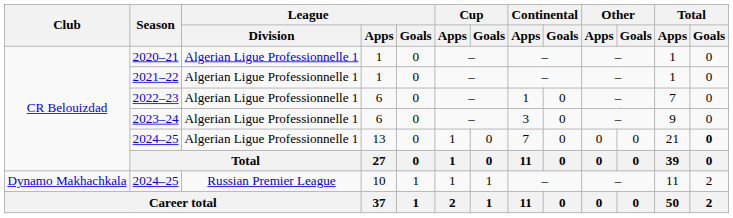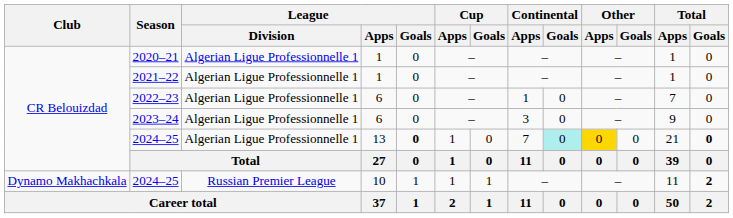 <table class="wikitable" style="text-align: center;">
 <tr>
 <th rowspan=2>Club</th>
 <th rowspan=2>Season</th>
 <th colspan=3>League</th>
 <th colspan=2>Cup</th>
 <th colspan=2>Continental</th>
 <th colspan=2>Other</th>
 <th colspan=2>Total</th>
 </tr>
 <tr>
 <th>Division</th>
 <th>Apps</th>
 <th>Goals</th>
 <th>Apps</th>
 <th>Goals</th>
 <th>Apps</th>
 <th>Goals</th>
 <th>Apps</th>
 <th>Goals</th>
 <th>Apps</th>
 <th>Goals</th>
 </tr>
 <tr>
 <td rowspan="6"><a href='#'>CR Belouizdad</a></td>
 <td><a href='#'>2020–21</a></td>
 <td><a href='#'>Algerian Ligue Professionnelle 1</a></td>
 <td>1</td>
 <td>0</td>
 <td colspan=2>–</td>
 <td colspan=2>–</td>
 <td colspan=2>–</td>
 <td>1</td>
 <td>0</td>
 </tr>
 <tr>
 <td><a href='#'>2021–22</a></td>
 <td>Algerian Ligue Professionnelle 1</td>
 <td>1</td>
 <td>0</td>
 <td colspan=2>–</td>
 <td colspan=2>–</td>
 <td colspan=2>–</td>
 <td>1</td>
 <td>0</td>
 </tr>
 <tr>
 <td><a href='#'>2022–23</a></td>
 <td>Algerian Ligue Professionnelle 1</td>
 <td>6</td>
 <td>0</td>
 <td colspan=2>–</td>
 <td>1</td>
 <td>0</td>
 <td colspan=2>–</td>
 <td>7</td>
 <td>0</td>
 </tr>
 <tr>
 <td><a href='#'>2023–24</a></td>
 <td>Algerian Ligue Professionnelle 1</td>
 <td>6</td>
 <td>0</td>
 <td colspan=2>–</td>
 <td>3</td>
 <td>0</td>
 <td colspan=2>–</td>
 <td>9</td>
 <td>0</td>
 </tr>
 <tr>
 <td><a href='#'>2024–25</a></td>
 <td>Algerian Ligue Professionnelle 1</td>
 <td>13</td>
-<td>0</td>
+<td><strong>0</strong></td>
 <td>1</td>
 <td>0</td>
 <td>7</td>
-<td>0</td>
-<td>0</td>
+<td style="background: paleturquoise;">0</td>
+<td style="background: gold;">0</td>
 <td>0</td>
 <td>21</td>
 <td><strong>0</strong></td>
 </tr>
 <tr>
 <th colspan=2>Total</th>
 <th>27</th>
 <th>0</th>
 <th>1</th>
 <th>0</th>
 <th>11</th>
 <th>0</th>
 <th>0</th>
 <th>0</th>
 <th>39</th>
 <th>0</th>
 </tr>
 <tr>
 <td><a href='#'>Dynamo Makhachkala</a></td>
 <td><a href='#'>2024–25</a></td>
 <td><a href='#'>Russian Premier League</a></td>
 <td>10</td>
 <td>1</td>
 <td>1</td>
 <td>1</td>
 <td colspan=2>–</td>
 <td colspan=2>–</td>
 <td>11</td>
-<td>2</td>
+<td><strong>2</strong></td>
 </tr>
 <tr>
 <th colspan=3>Career total</th>
 <th>37</th>
 <th>1</th>
 <th>2</th>
 <th>1</th>
 <th>11</th>
 <th>0</th>
 <th>0</th>
 <th>0</th>
 <th>50</th>
 <th>2</th>
 </tr>
 </table>
